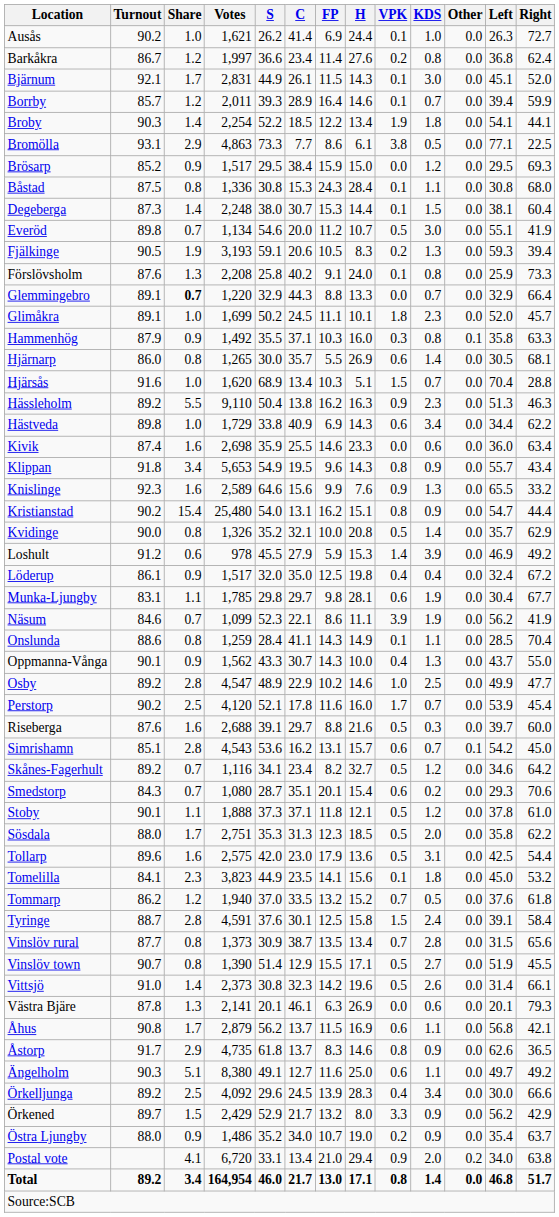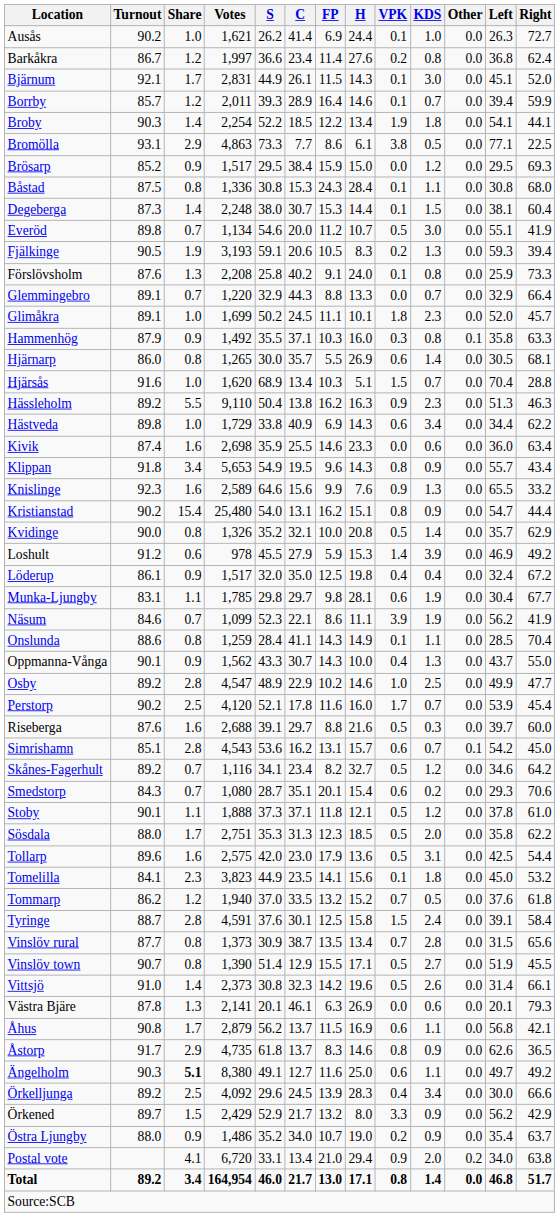 <table class="wikitable sortable" style=text-align:right>
 <tr>
 <th>Location</th>
 <th>Turnout</th>
 <th>Share</th>
 <th>Votes</th>
 <th><a href='#'>S</a></th>
 <th><a href='#'>C</a></th>
 <th><a href='#'>FP</a></th>
 <th><a href='#'>H</a></th>
 <th><a href='#'>VPK</a></th>
 <th><a href='#'>KDS</a></th>
 <th>Other</th>
 <th>Left</th>
 <th>Right</th>
 </tr>
 <tr>
 <td align=left>Ausås</td>
 <td>90.2</td>
 <td>1.0</td>
 <td>1,621</td>
 <td>26.2</td>
 <td>41.4</td>
 <td>6.9</td>
 <td>24.4</td>
 <td>0.1</td>
 <td>1.0</td>
 <td>0.0</td>
 <td>26.3</td>
 <td>72.7</td>
 </tr>
 <tr>
 <td align=left>Barkåkra</td>
 <td>86.7</td>
 <td>1.2</td>
 <td>1,997</td>
 <td>36.6</td>
 <td>23.4</td>
 <td>11.4</td>
 <td>27.6</td>
 <td>0.2</td>
 <td>0.8</td>
 <td>0.0</td>
 <td>36.8</td>
 <td>62.4</td>
 </tr>
 <tr>
 <td align=left><a href='#'>Bjärnum</a></td>
 <td>92.1</td>
 <td>1.7</td>
 <td>2,831</td>
 <td>44.9</td>
 <td>26.1</td>
 <td>11.5</td>
 <td>14.3</td>
 <td>0.1</td>
 <td>3.0</td>
 <td>0.0</td>
 <td>45.1</td>
 <td>52.0</td>
 </tr>
 <tr>
 <td align=left><a href='#'>Borrby</a></td>
 <td>85.7</td>
 <td>1.2</td>
 <td>2,011</td>
 <td>39.3</td>
 <td>28.9</td>
 <td>16.4</td>
 <td>14.6</td>
 <td>0.1</td>
 <td>0.7</td>
 <td>0.0</td>
 <td>39.4</td>
 <td>59.9</td>
 </tr>
 <tr>
 <td align=left><a href='#'>Broby</a></td>
 <td>90.3</td>
 <td>1.4</td>
 <td>2,254</td>
 <td>52.2</td>
 <td>18.5</td>
 <td>12.2</td>
 <td>13.4</td>
 <td>1.9</td>
 <td>1.8</td>
 <td>0.0</td>
 <td>54.1</td>
 <td>44.1</td>
 </tr>
 <tr>
 <td align=left><a href='#'>Bromölla</a></td>
 <td>93.1</td>
 <td>2.9</td>
 <td>4,863</td>
 <td>73.3</td>
 <td>7.7</td>
 <td>8.6</td>
 <td>6.1</td>
 <td>3.8</td>
 <td>0.5</td>
 <td>0.0</td>
 <td>77.1</td>
 <td>22.5</td>
 </tr>
 <tr>
 <td align=left><a href='#'>Brösarp</a></td>
 <td>85.2</td>
 <td>0.9</td>
 <td>1,517</td>
 <td>29.5</td>
 <td>38.4</td>
 <td>15.9</td>
 <td>15.0</td>
 <td>0.0</td>
 <td>1.2</td>
 <td>0.0</td>
 <td>29.5</td>
 <td>69.3</td>
 </tr>
 <tr>
 <td align=left><a href='#'>Båstad</a></td>
 <td>87.5</td>
 <td>0.8</td>
 <td>1,336</td>
 <td>30.8</td>
 <td>15.3</td>
 <td>24.3</td>
 <td>28.4</td>
 <td>0.1</td>
 <td>1.1</td>
 <td>0.0</td>
 <td>30.8</td>
 <td>68.0</td>
 </tr>
 <tr>
 <td align=left><a href='#'>Degeberga</a></td>
 <td>87.3</td>
 <td>1.4</td>
 <td>2,248</td>
 <td>38.0</td>
 <td>30.7</td>
 <td>15.3</td>
 <td>14.4</td>
 <td>0.1</td>
 <td>1.5</td>
 <td>0.0</td>
 <td>38.1</td>
 <td>60.4</td>
 </tr>
 <tr>
 <td align=left><a href='#'>Everöd</a></td>
 <td>89.8</td>
 <td>0.7</td>
 <td>1,134</td>
 <td>54.6</td>
 <td>20.0</td>
 <td>11.2</td>
 <td>10.7</td>
 <td>0.5</td>
 <td>3.0</td>
 <td>0.0</td>
 <td>55.1</td>
 <td>41.9</td>
 </tr>
 <tr>
 <td align=left><a href='#'>Fjälkinge</a></td>
 <td>90.5</td>
 <td>1.9</td>
 <td>3,193</td>
 <td>59.1</td>
 <td>20.6</td>
 <td>10.5</td>
 <td>8.3</td>
 <td>0.2</td>
 <td>1.3</td>
 <td>0.0</td>
 <td>59.3</td>
 <td>39.4</td>
 </tr>
 <tr>
 <td align=left>Förslövsholm</td>
 <td>87.6</td>
 <td>1.3</td>
 <td>2,208</td>
 <td>25.8</td>
 <td>40.2</td>
 <td>9.1</td>
 <td>24.0</td>
 <td>0.1</td>
 <td>0.8</td>
 <td>0.0</td>
 <td>25.9</td>
 <td>73.3</td>
 </tr>
 <tr>
 <td align=left><a href='#'>Glemmingebro</a></td>
 <td>89.1</td>
-<td><strong>0.7</strong></td>
+<td>0.7</td>
 <td>1,220</td>
 <td>32.9</td>
 <td>44.3</td>
 <td>8.8</td>
 <td>13.3</td>
 <td>0.0</td>
 <td>0.7</td>
 <td>0.0</td>
 <td>32.9</td>
 <td>66.4</td>
 </tr>
 <tr>
 <td align=left><a href='#'>Glimåkra</a></td>
 <td>89.1</td>
 <td>1.0</td>
 <td>1,699</td>
 <td>50.2</td>
 <td>24.5</td>
 <td>11.1</td>
 <td>10.1</td>
 <td>1.8</td>
 <td>2.3</td>
 <td>0.0</td>
 <td>52.0</td>
 <td>45.7</td>
 </tr>
 <tr>
 <td align=left><a href='#'>Hammenhög</a></td>
 <td>87.9</td>
 <td>0.9</td>
 <td>1,492</td>
 <td>35.5</td>
 <td>37.1</td>
 <td>10.3</td>
 <td>16.0</td>
 <td>0.3</td>
 <td>0.8</td>
 <td>0.1</td>
 <td>35.8</td>
 <td>63.3</td>
 </tr>
 <tr>
 <td align=left><a href='#'>Hjärnarp</a></td>
 <td>86.0</td>
 <td>0.8</td>
 <td>1,265</td>
 <td>30.0</td>
 <td>35.7</td>
 <td>5.5</td>
 <td>26.9</td>
 <td>0.6</td>
 <td>1.4</td>
 <td>0.0</td>
 <td>30.5</td>
 <td>68.1</td>
 </tr>
 <tr>
 <td align=left><a href='#'>Hjärsås</a></td>
 <td>91.6</td>
 <td>1.0</td>
 <td>1,620</td>
 <td>68.9</td>
 <td>13.4</td>
 <td>10.3</td>
 <td>5.1</td>
 <td>1.5</td>
 <td>0.7</td>
 <td>0.0</td>
 <td>70.4</td>
 <td>28.8</td>
 </tr>
 <tr>
 <td align=left><a href='#'>Hässleholm</a></td>
 <td>89.2</td>
 <td>5.5</td>
 <td>9,110</td>
 <td>50.4</td>
 <td>13.8</td>
 <td>16.2</td>
 <td>16.3</td>
 <td>0.9</td>
 <td>2.3</td>
 <td>0.0</td>
 <td>51.3</td>
 <td>46.3</td>
 </tr>
 <tr>
 <td align=left><a href='#'>Hästveda</a></td>
 <td>89.8</td>
 <td>1.0</td>
 <td>1,729</td>
 <td>33.8</td>
 <td>40.9</td>
 <td>6.9</td>
 <td>14.3</td>
 <td>0.6</td>
 <td>3.4</td>
 <td>0.0</td>
 <td>34.4</td>
 <td>62.2</td>
 </tr>
 <tr>
 <td align=left><a href='#'>Kivik</a></td>
 <td>87.4</td>
 <td>1.6</td>
 <td>2,698</td>
 <td>35.9</td>
 <td>25.5</td>
 <td>14.6</td>
 <td>23.3</td>
 <td>0.0</td>
 <td>0.6</td>
 <td>0.0</td>
 <td>36.0</td>
 <td>63.4</td>
 </tr>
 <tr>
 <td align=left><a href='#'>Klippan</a></td>
 <td>91.8</td>
 <td>3.4</td>
 <td>5,653</td>
 <td>54.9</td>
 <td>19.5</td>
 <td>9.6</td>
 <td>14.3</td>
 <td>0.8</td>
 <td>0.9</td>
 <td>0.0</td>
 <td>55.7</td>
 <td>43.4</td>
 </tr>
 <tr>
 <td align=left><a href='#'>Knislinge</a></td>
 <td>92.3</td>
 <td>1.6</td>
 <td>2,589</td>
 <td>64.6</td>
 <td>15.6</td>
 <td>9.9</td>
 <td>7.6</td>
 <td>0.9</td>
 <td>1.3</td>
 <td>0.0</td>
 <td>65.5</td>
 <td>33.2</td>
 </tr>
 <tr>
 <td align=left><a href='#'>Kristianstad</a></td>
 <td>90.2</td>
 <td>15.4</td>
 <td>25,480</td>
 <td>54.0</td>
 <td>13.1</td>
 <td>16.2</td>
 <td>15.1</td>
 <td>0.8</td>
 <td>0.9</td>
 <td>0.0</td>
 <td>54.7</td>
 <td>44.4</td>
 </tr>
 <tr>
 <td align=left><a href='#'>Kvidinge</a></td>
 <td>90.0</td>
 <td>0.8</td>
 <td>1,326</td>
 <td>35.2</td>
 <td>32.1</td>
 <td>10.0</td>
 <td>20.8</td>
 <td>0.5</td>
 <td>1.4</td>
 <td>0.0</td>
 <td>35.7</td>
 <td>62.9</td>
 </tr>
 <tr>
 <td align=left>Loshult</td>
 <td>91.2</td>
 <td>0.6</td>
 <td>978</td>
 <td>45.5</td>
 <td>27.9</td>
 <td>5.9</td>
 <td>15.3</td>
 <td>1.4</td>
 <td>3.9</td>
 <td>0.0</td>
 <td>46.9</td>
 <td>49.2</td>
 </tr>
 <tr>
 <td align=left><a href='#'>Löderup</a></td>
 <td>86.1</td>
 <td>0.9</td>
 <td>1,517</td>
 <td>32.0</td>
 <td>35.0</td>
 <td>12.5</td>
 <td>19.8</td>
 <td>0.4</td>
 <td>0.4</td>
 <td>0.0</td>
 <td>32.4</td>
 <td>67.2</td>
 </tr>
 <tr>
 <td align=left><a href='#'>Munka-Ljungby</a></td>
 <td>83.1</td>
 <td>1.1</td>
 <td>1,785</td>
 <td>29.8</td>
 <td>29.7</td>
 <td>9.8</td>
 <td>28.1</td>
 <td>0.6</td>
 <td>1.9</td>
 <td>0.0</td>
 <td>30.4</td>
 <td>67.7</td>
 </tr>
 <tr>
 <td align=left><a href='#'>Näsum</a></td>
 <td>84.6</td>
 <td>0.7</td>
 <td>1,099</td>
 <td>52.3</td>
 <td>22.1</td>
 <td>8.6</td>
 <td>11.1</td>
 <td>3.9</td>
 <td>1.9</td>
 <td>0.0</td>
 <td>56.2</td>
 <td>41.9</td>
 </tr>
 <tr>
 <td align=left><a href='#'>Onslunda</a></td>
 <td>88.6</td>
 <td>0.8</td>
 <td>1,259</td>
 <td>28.4</td>
 <td>41.1</td>
 <td>14.3</td>
 <td>14.9</td>
 <td>0.1</td>
 <td>1.1</td>
 <td>0.0</td>
 <td>28.5</td>
 <td>70.4</td>
 </tr>
 <tr>
 <td align=left>Oppmanna-Vånga</td>
 <td>90.1</td>
 <td>0.9</td>
 <td>1,562</td>
 <td>43.3</td>
 <td>30.7</td>
 <td>14.3</td>
 <td>10.0</td>
 <td>0.4</td>
 <td>1.3</td>
 <td>0.0</td>
 <td>43.7</td>
 <td>55.0</td>
 </tr>
 <tr>
 <td align=left><a href='#'>Osby</a></td>
 <td>89.2</td>
 <td>2.8</td>
 <td>4,547</td>
 <td>48.9</td>
 <td>22.9</td>
 <td>10.2</td>
 <td>14.6</td>
 <td>1.0</td>
 <td>2.5</td>
 <td>0.0</td>
 <td>49.9</td>
 <td>47.7</td>
 </tr>
 <tr>
 <td align=left><a href='#'>Perstorp</a></td>
 <td>90.2</td>
 <td>2.5</td>
 <td>4,120</td>
 <td>52.1</td>
 <td>17.8</td>
 <td>11.6</td>
 <td>16.0</td>
 <td>1.7</td>
 <td>0.7</td>
 <td>0.0</td>
 <td>53.9</td>
 <td>45.4</td>
 </tr>
 <tr>
 <td align=left>Riseberga</td>
 <td>87.6</td>
 <td>1.6</td>
 <td>2,688</td>
 <td>39.1</td>
 <td>29.7</td>
 <td>8.8</td>
 <td>21.6</td>
 <td>0.5</td>
 <td>0.3</td>
 <td>0.0</td>
 <td>39.7</td>
 <td>60.0</td>
 </tr>
 <tr>
 <td align=left><a href='#'>Simrishamn</a></td>
 <td>85.1</td>
 <td>2.8</td>
 <td>4,543</td>
 <td>53.6</td>
 <td>16.2</td>
 <td>13.1</td>
 <td>15.7</td>
 <td>0.6</td>
 <td>0.7</td>
 <td>0.1</td>
 <td>54.2</td>
 <td>45.0</td>
 </tr>
 <tr>
 <td align=left><a href='#'>Skånes-Fagerhult</a></td>
 <td>89.2</td>
 <td>0.7</td>
 <td>1,116</td>
 <td>34.1</td>
 <td>23.4</td>
 <td>8.2</td>
 <td>32.7</td>
 <td>0.5</td>
 <td>1.2</td>
 <td>0.0</td>
 <td>34.6</td>
 <td>64.2</td>
 </tr>
 <tr>
 <td align=left><a href='#'>Smedstorp</a></td>
 <td>84.3</td>
 <td>0.7</td>
 <td>1,080</td>
 <td>28.7</td>
 <td>35.1</td>
 <td>20.1</td>
 <td>15.4</td>
 <td>0.6</td>
 <td>0.2</td>
 <td>0.0</td>
 <td>29.3</td>
 <td>70.6</td>
 </tr>
 <tr>
 <td align=left><a href='#'>Stoby</a></td>
 <td>90.1</td>
 <td>1.1</td>
 <td>1,888</td>
 <td>37.3</td>
 <td>37.1</td>
 <td>11.8</td>
 <td>12.1</td>
 <td>0.5</td>
 <td>1.2</td>
 <td>0.0</td>
 <td>37.8</td>
 <td>61.0</td>
 </tr>
 <tr>
 <td align=left><a href='#'>Sösdala</a></td>
 <td>88.0</td>
 <td>1.7</td>
 <td>2,751</td>
 <td>35.3</td>
 <td>31.3</td>
 <td>12.3</td>
 <td>18.5</td>
 <td>0.5</td>
 <td>2.0</td>
 <td>0.0</td>
 <td>35.8</td>
 <td>62.2</td>
 </tr>
 <tr>
 <td align=left><a href='#'>Tollarp</a></td>
 <td>89.6</td>
 <td>1.6</td>
 <td>2,575</td>
 <td>42.0</td>
 <td>23.0</td>
 <td>17.9</td>
 <td>13.6</td>
 <td>0.5</td>
 <td>3.1</td>
 <td>0.0</td>
 <td>42.5</td>
 <td>54.4</td>
 </tr>
 <tr>
 <td align=left><a href='#'>Tomelilla</a></td>
 <td>84.1</td>
 <td>2.3</td>
 <td>3,823</td>
 <td>44.9</td>
 <td>23.5</td>
 <td>14.1</td>
 <td>15.6</td>
 <td>0.1</td>
 <td>1.8</td>
 <td>0.0</td>
 <td>45.0</td>
 <td>53.2</td>
 </tr>
 <tr>
 <td align=left><a href='#'>Tommarp</a></td>
 <td>86.2</td>
 <td>1.2</td>
 <td>1,940</td>
 <td>37.0</td>
 <td>33.5</td>
 <td>13.2</td>
 <td>15.2</td>
 <td>0.7</td>
 <td>0.5</td>
 <td>0.0</td>
 <td>37.6</td>
 <td>61.8</td>
 </tr>
 <tr>
 <td align=left><a href='#'>Tyringe</a></td>
 <td>88.7</td>
 <td>2.8</td>
 <td>4,591</td>
 <td>37.6</td>
 <td>30.1</td>
 <td>12.5</td>
 <td>15.8</td>
 <td>1.5</td>
 <td>2.4</td>
 <td>0.0</td>
 <td>39.1</td>
 <td>58.4</td>
 </tr>
 <tr>
 <td align=left><a href='#'>Vinslöv rural</a></td>
 <td>87.7</td>
 <td>0.8</td>
 <td>1,373</td>
 <td>30.9</td>
 <td>38.7</td>
 <td>13.5</td>
 <td>13.4</td>
 <td>0.7</td>
 <td>2.8</td>
 <td>0.0</td>
 <td>31.5</td>
 <td>65.6</td>
 </tr>
 <tr>
 <td align=left><a href='#'>Vinslöv town</a></td>
 <td>90.7</td>
 <td>0.8</td>
 <td>1,390</td>
 <td>51.4</td>
 <td>12.9</td>
 <td>15.5</td>
 <td>17.1</td>
 <td>0.5</td>
 <td>2.7</td>
 <td>0.0</td>
 <td>51.9</td>
 <td>45.5</td>
 </tr>
 <tr>
 <td align=left><a href='#'>Vittsjö</a></td>
 <td>91.0</td>
 <td>1.4</td>
 <td>2,373</td>
 <td>30.8</td>
 <td>32.3</td>
 <td>14.2</td>
 <td>19.6</td>
 <td>0.5</td>
 <td>2.6</td>
 <td>0.0</td>
 <td>31.4</td>
 <td>66.1</td>
 </tr>
 <tr>
 <td align=left>Västra Bjäre</td>
 <td>87.8</td>
 <td>1.3</td>
 <td>2,141</td>
 <td>20.1</td>
 <td>46.1</td>
 <td>6.3</td>
 <td>26.9</td>
 <td>0.0</td>
 <td>0.6</td>
 <td>0.0</td>
 <td>20.1</td>
 <td>79.3</td>
 </tr>
 <tr>
 <td align=left><a href='#'>Åhus</a></td>
 <td>90.8</td>
 <td>1.7</td>
 <td>2,879</td>
 <td>56.2</td>
 <td>13.7</td>
 <td>11.5</td>
 <td>16.9</td>
 <td>0.6</td>
 <td>1.1</td>
 <td>0.0</td>
 <td>56.8</td>
 <td>42.1</td>
 </tr>
 <tr>
 <td align=left><a href='#'>Åstorp</a></td>
 <td>91.7</td>
 <td>2.9</td>
 <td>4,735</td>
 <td>61.8</td>
 <td>13.7</td>
 <td>8.3</td>
 <td>14.6</td>
 <td>0.8</td>
 <td>0.9</td>
 <td>0.0</td>
 <td>62.6</td>
 <td>36.5</td>
 </tr>
 <tr>
 <td align=left><a href='#'>Ängelholm</a></td>
 <td>90.3</td>
-<td>5.1</td>
+<td><strong>5.1</strong></td>
 <td>8,380</td>
 <td>49.1</td>
 <td>12.7</td>
 <td>11.6</td>
 <td>25.0</td>
 <td>0.6</td>
 <td>1.1</td>
 <td>0.0</td>
 <td>49.7</td>
 <td>49.2</td>
 </tr>
 <tr>
 <td align=left><a href='#'>Örkelljunga</a></td>
 <td>89.2</td>
 <td>2.5</td>
 <td>4,092</td>
 <td>29.6</td>
 <td>24.5</td>
 <td>13.9</td>
 <td>28.3</td>
 <td>0.4</td>
 <td>3.4</td>
 <td>0.0</td>
 <td>30.0</td>
 <td>66.6</td>
 </tr>
 <tr>
 <td align=left>Örkened</td>
 <td>89.7</td>
 <td>1.5</td>
 <td>2,429</td>
 <td>52.9</td>
 <td>21.7</td>
 <td>13.2</td>
 <td>8.0</td>
 <td>3.3</td>
 <td>0.9</td>
 <td>0.0</td>
 <td>56.2</td>
 <td>42.9</td>
 </tr>
 <tr>
 <td align=left><a href='#'>Östra Ljungby</a></td>
 <td>88.0</td>
 <td>0.9</td>
 <td>1,486</td>
 <td>35.2</td>
 <td>34.0</td>
 <td>10.7</td>
 <td>19.0</td>
 <td>0.2</td>
 <td>0.9</td>
 <td>0.0</td>
 <td>35.4</td>
 <td>63.7</td>
 </tr>
 <tr>
 <td align=left><a href='#'>Postal vote</a></td>
 <td></td>
 <td>4.1</td>
 <td>6,720</td>
 <td>33.1</td>
 <td>13.4</td>
 <td>21.0</td>
 <td>29.4</td>
 <td>0.9</td>
 <td>2.0</td>
 <td>0.2</td>
 <td>34.0</td>
 <td>63.8</td>
 </tr>
 <tr>
 <td align=left><strong>Total</strong></td>
 <td><strong>89.2</strong></td>
 <td><strong>3.4</strong></td>
 <td><strong>164,954</strong></td>
 <td><strong>46.0</strong></td>
 <td><strong>21.7</strong></td>
 <td><strong>13.0</strong></td>
 <td><strong>17.1</strong></td>
 <td><strong>0.8</strong></td>
 <td><strong>1.4</strong></td>
 <td><strong>0.0</strong></td>
 <td><strong>46.8</strong></td>
 <td><strong>51.7</strong></td>
 </tr>
 <tr>
 <td align=left colspan=13>Source:SCB </td>
 </tr>
 </table>
